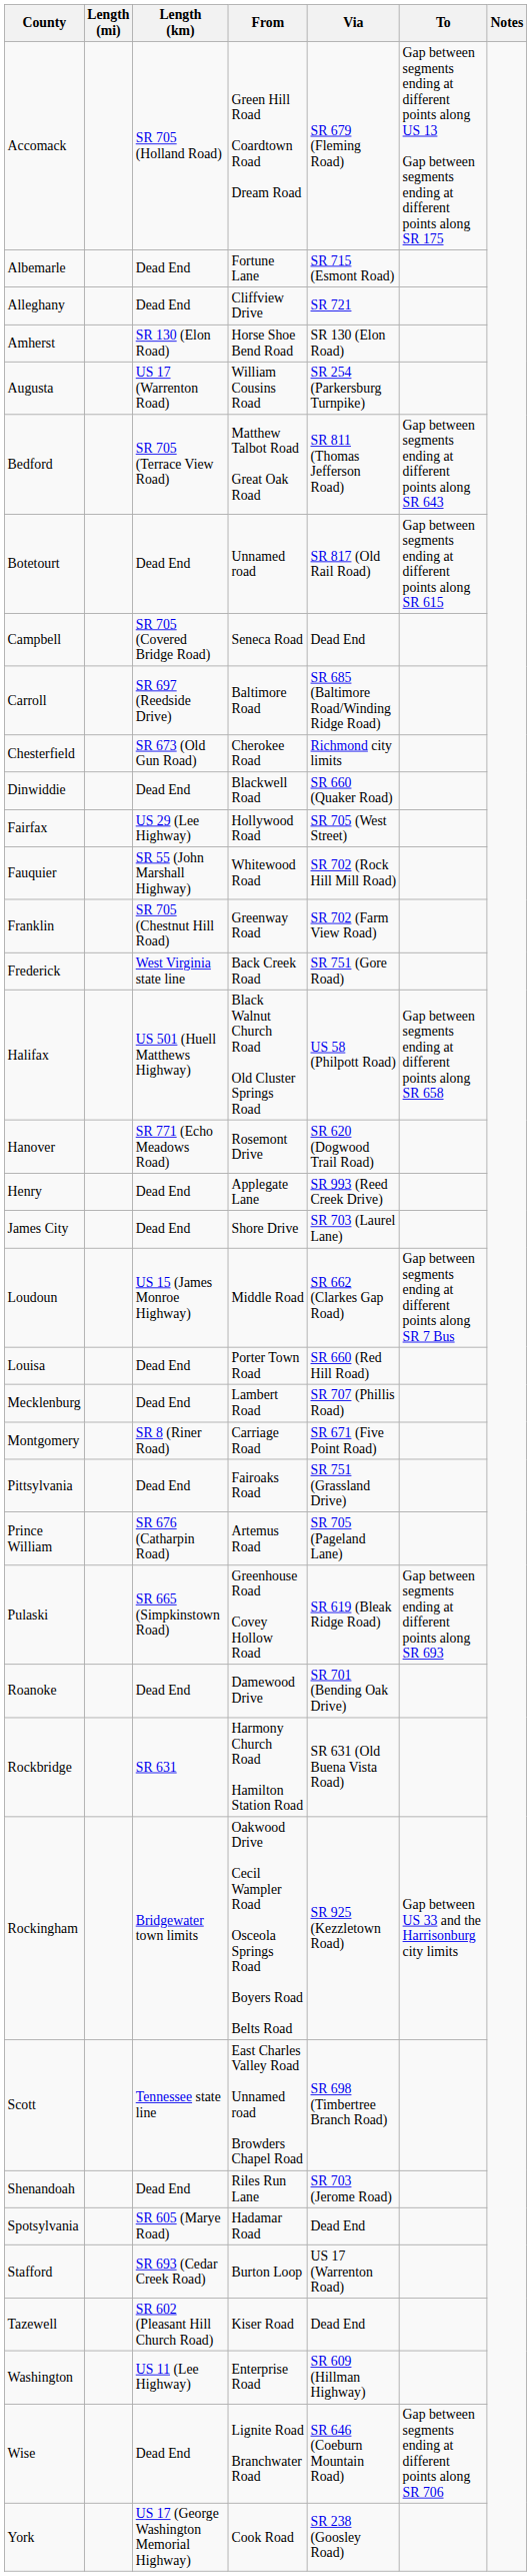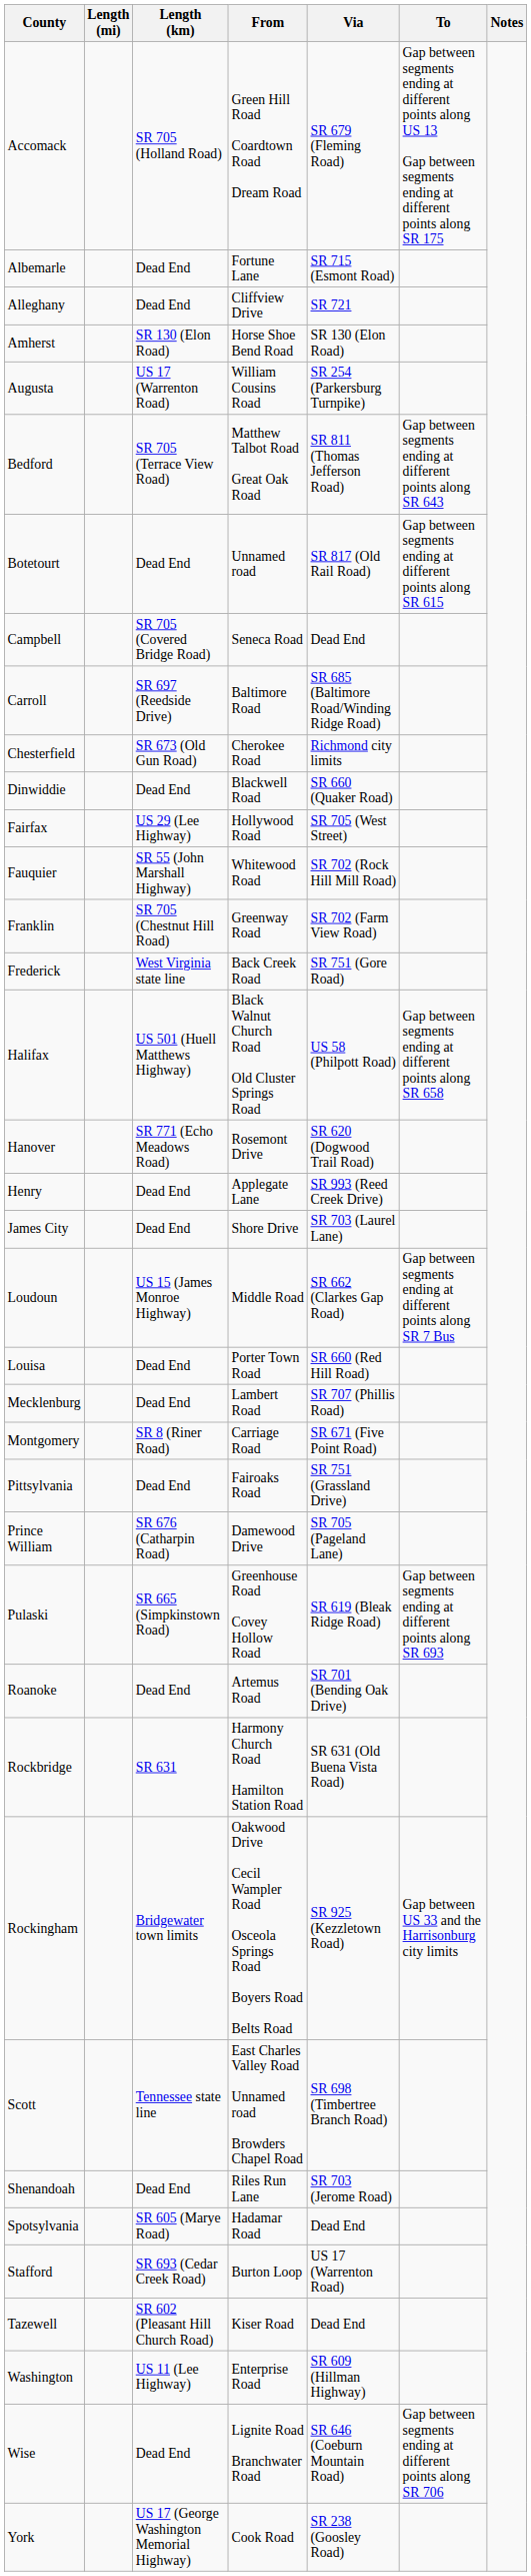 <table class="wikitable sortable">
 <tr>
 <th>County</th>
 <th>Length<br>(mi)</th>
 <th>Length<br>(km)</th>
 <th class="unsortable">From</th>
 <th class="unsortable">Via</th>
 <th class="unsortable">To</th>
 <th class="unsortable">Notes</th>
 </tr>
 <tr>
 <td id="Accomack">Accomack</td>
 <td></td>
 <td><a href='#'>SR 705</a> (Holland Road)</td>
 <td>Green Hill Road<br><br>Coardtown Road<br><br>Dream Road</td>
 <td><a href='#'>SR 679</a> (Fleming Road)</td>
 <td>Gap between segments ending at different points along <a href='#'>US 13</a><br><br>Gap between segments ending at different points along <a href='#'>SR 175</a></td>
 </tr>
 <tr>
 <td id="Albemarle">Albemarle</td>
 <td></td>
 <td>Dead End</td>
 <td>Fortune Lane</td>
 <td><a href='#'>SR 715</a> (Esmont Road)</td>
 <td></td>
 </tr>
 <tr>
 <td id="Alleghany">Alleghany</td>
 <td></td>
 <td>Dead End</td>
 <td>Cliffview Drive</td>
 <td><a href='#'>SR 721</a></td>
 <td><br></td>
 </tr>
 <tr>
 <td id="Amherst">Amherst</td>
 <td></td>
 <td><a href='#'>SR 130</a> (Elon Road)</td>
 <td>Horse Shoe Bend Road</td>
 <td>SR 130 (Elon Road)</td>
 <td><br> </td>
 </tr>
 <tr>
 <td id="Augusta">Augusta</td>
 <td></td>
 <td><a href='#'>US 17</a> (Warrenton Road)</td>
 <td>William Cousins Road</td>
 <td><a href='#'>SR 254</a> (Parkersburg Turnpike)</td>
 <td><br></td>
 </tr>
 <tr>
 <td id="Bedford">Bedford</td>
 <td></td>
 <td><a href='#'>SR 705</a> (Terrace View Road)</td>
 <td>Matthew Talbot Road<br><br>Great Oak Road</td>
 <td><a href='#'>SR 811</a> (Thomas Jefferson Road)</td>
 <td>Gap between segments ending at different points along <a href='#'>SR 643</a><br></td>
 </tr>
 <tr>
 <td id="Botetourt">Botetourt</td>
 <td></td>
 <td>Dead End</td>
 <td>Unnamed road</td>
 <td><a href='#'>SR 817</a> (Old Rail Road)</td>
 <td>Gap between segments ending at different points along <a href='#'>SR 615</a><br>  </td>
 </tr>
 <tr>
 <td id="Campbell">Campbell</td>
 <td></td>
 <td><a href='#'>SR 705</a> (Covered Bridge Road)</td>
 <td>Seneca Road</td>
 <td>Dead End</td>
 <td><br></td>
 </tr>
 <tr>
 <td id="Carroll">Carroll</td>
 <td></td>
 <td><a href='#'>SR 697</a> (Reedside Drive)</td>
 <td>Baltimore Road</td>
 <td><a href='#'>SR 685</a> (Baltimore Road/Winding Ridge Road)</td>
 <td><br> </td>
 </tr>
 <tr>
 <td id="Chesterfield">Chesterfield</td>
 <td></td>
 <td><a href='#'>SR 673</a> (Old Gun Road)</td>
 <td>Cherokee Road</td>
 <td><a href='#'>Richmond</a> city limits</td>
 <td><br>    </td>
 </tr>
 <tr>
 <td id="Dinwiddie">Dinwiddie</td>
 <td></td>
 <td>Dead End</td>
 <td>Blackwell Road</td>
 <td><a href='#'>SR 660</a> (Quaker Road)</td>
 <td><br></td>
 </tr>
 <tr>
 <td id="Fairfax">Fairfax</td>
 <td></td>
 <td><a href='#'>US 29</a> (Lee Highway)</td>
 <td>Hollywood Road</td>
 <td><a href='#'>SR 705</a> (West Street)</td>
 <td></td>
 </tr>
 <tr>
 <td id="Fauquier">Fauquier</td>
 <td></td>
 <td><a href='#'>SR 55</a> (John Marshall Highway)</td>
 <td>Whitewood Road</td>
 <td><a href='#'>SR 702</a> (Rock Hill Mill Road)</td>
 <td><br> </td>
 </tr>
 <tr>
 <td id="Franklin">Franklin</td>
 <td></td>
 <td><a href='#'>SR 705</a> (Chestnut Hill Road)</td>
 <td>Greenway Road</td>
 <td><a href='#'>SR 702</a> (Farm View Road)</td>
 <td></td>
 </tr>
 <tr>
 <td id="Frederick">Frederick</td>
 <td></td>
 <td><a href='#'>West Virginia</a> state line</td>
 <td>Back Creek Road</td>
 <td><a href='#'>SR 751</a> (Gore Road)</td>
 <td><br>     </td>
 </tr>
 <tr>
 <td id="Halifax">Halifax</td>
 <td></td>
 <td><a href='#'>US 501</a> (Huell Matthews Highway)</td>
 <td>Black Walnut Church Road<br><br>Old Cluster Springs Road</td>
 <td><a href='#'>US 58</a> (Philpott Road)</td>
 <td>Gap between segments ending at different points along <a href='#'>SR 658</a></td>
 </tr>
 <tr>
 <td id="Hanover">Hanover</td>
 <td></td>
 <td><a href='#'>SR 771</a> (Echo Meadows Road)</td>
 <td>Rosemont Drive</td>
 <td><a href='#'>SR 620</a> (Dogwood Trail Road)</td>
 <td><br></td>
 </tr>
 <tr>
 <td id="Henry">Henry</td>
 <td></td>
 <td>Dead End</td>
 <td>Applegate Lane</td>
 <td><a href='#'>SR 993</a> (Reed Creek Drive)</td>
 <td><br> </td>
 </tr>
 <tr>
 <td id="James City">James City</td>
 <td></td>
 <td>Dead End</td>
 <td>Shore Drive</td>
 <td><a href='#'>SR 703</a> (Laurel Lane)</td>
 <td><br>    </td>
 </tr>
 <tr>
 <td id="Loudoun">Loudoun</td>
 <td></td>
 <td><a href='#'>US 15</a> (James Monroe Highway)</td>
 <td>Middle Road</td>
 <td><a href='#'>SR 662</a> (Clarkes Gap Road)</td>
 <td>Gap between segments ending at different points along <a href='#'>SR 7 Bus</a></td>
 </tr>
 <tr>
 <td id="Louisa">Louisa</td>
 <td></td>
 <td>Dead End</td>
 <td>Porter Town Road</td>
 <td><a href='#'>SR 660</a> (Red Hill Road)</td>
 <td><br>  </td>
 </tr>
 <tr>
 <td id="Mecklenburg">Mecklenburg</td>
 <td></td>
 <td>Dead End</td>
 <td>Lambert Road</td>
 <td><a href='#'>SR 707</a> (Phillis Road)</td>
 <td><br></td>
 </tr>
 <tr>
 <td id="Montgomery">Montgomery</td>
 <td></td>
 <td><a href='#'>SR 8</a> (Riner Road)</td>
 <td>Carriage Road</td>
 <td><a href='#'>SR 671</a> (Five Point Road)</td>
 <td><br>       </td>
 </tr>
 <tr>
 <td id="Pittsylvania">Pittsylvania</td>
 <td></td>
 <td>Dead End</td>
 <td>Fairoaks Road</td>
 <td><a href='#'>SR 751</a> (Grassland Drive)</td>
 <td><br>  </td>
 </tr>
 <tr>
 <td id="Prince William">Prince William</td>
 <td></td>
 <td><a href='#'>SR 676</a> (Catharpin Road)</td>
-<td>Artemus Road</td>
+<td>Damewood Drive</td>
 <td><a href='#'>SR 705</a> (Pageland Lane)</td>
 <td></td>
 </tr>
 <tr>
 <td id="Pulaski">Pulaski</td>
 <td></td>
 <td><a href='#'>SR 665</a> (Simpkinstown Road)</td>
 <td>Greenhouse Road<br><br>Covey Hollow Road</td>
 <td><a href='#'>SR 619</a> (Bleak Ridge Road)</td>
 <td>Gap between segments ending at different points along <a href='#'>SR 693</a><br> </td>
 </tr>
 <tr>
 <td id="Roanoke">Roanoke</td>
 <td></td>
 <td>Dead End</td>
-<td>Damewood Drive</td>
+<td>Artemus Road</td>
 <td><a href='#'>SR 701</a> (Bending Oak Drive)</td>
 <td></td>
 </tr>
 <tr>
 <td id="Rockbridge">Rockbridge</td>
 <td></td>
 <td><a href='#'>SR 631</a></td>
 <td>Harmony Church Road<br><br>Hamilton Station Road</td>
 <td>SR 631 (Old Buena Vista Road)</td>
 <td></td>
 </tr>
 <tr>
 <td id="Rockingham">Rockingham</td>
 <td></td>
 <td><a href='#'>Bridgewater</a> town limits</td>
 <td>Oakwood Drive<br><br>Cecil Wampler Road<br><br>Osceola Springs Road<br><br>Boyers Road<br><br>Belts Road</td>
 <td><a href='#'>SR 925</a> (Kezzletown Road)</td>
 <td>Gap between <a href='#'>US 33</a> and the <a href='#'>Harrisonburg</a> city limits<br></td>
 </tr>
 <tr>
 <td id="Scott">Scott</td>
 <td></td>
 <td><a href='#'>Tennessee</a> state line</td>
 <td>East Charles Valley Road<br><br>Unnamed road<br><br>Browders Chapel Road</td>
 <td><a href='#'>SR 698</a> (Timbertree Branch Road)</td>
 <td></td>
 </tr>
 <tr>
 <td id="Shenandoah">Shenandoah</td>
 <td></td>
 <td>Dead End</td>
 <td>Riles Run Lane</td>
 <td><a href='#'>SR 703</a> (Jerome Road)</td>
 <td><br> </td>
 </tr>
 <tr>
 <td id="Spotsylvania">Spotsylvania</td>
 <td></td>
 <td><a href='#'>SR 605</a> (Marye Road)</td>
 <td>Hadamar Road</td>
 <td>Dead End</td>
 <td></td>
 </tr>
 <tr>
 <td id="Stafford">Stafford</td>
 <td></td>
 <td><a href='#'>SR 693</a> (Cedar Creek Road)</td>
 <td>Burton Loop</td>
 <td>US 17 (Warrenton Road)</td>
 <td><br> </td>
 </tr>
 <tr>
 <td id="Tazewell">Tazewell</td>
 <td></td>
 <td><a href='#'>SR 602</a> (Pleasant Hill Church Road)</td>
 <td>Kiser Road</td>
 <td>Dead End</td>
 <td><br></td>
 </tr>
 <tr>
 <td id="Washington">Washington</td>
 <td></td>
 <td><a href='#'>US 11</a> (Lee Highway)</td>
 <td>Enterprise Road</td>
 <td><a href='#'>SR 609</a> (Hillman Highway)</td>
 <td><br></td>
 </tr>
 <tr>
 <td id="Wise">Wise</td>
 <td></td>
 <td>Dead End</td>
 <td>Lignite Road<br><br>Branchwater Road</td>
 <td><a href='#'>SR 646</a> (Coeburn Mountain Road)</td>
 <td>Gap between segments ending at different points along <a href='#'>SR 706</a><br></td>
 </tr>
 <tr>
 <td id="York">York</td>
 <td></td>
 <td><a href='#'>US 17</a> (George Washington Memorial Highway)</td>
 <td>Cook Road</td>
 <td><a href='#'>SR 238</a> (Goosley Road)</td>
 <td></td>
 </tr>
 </table>
